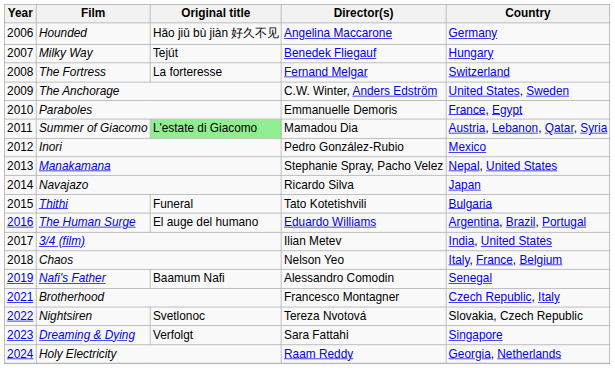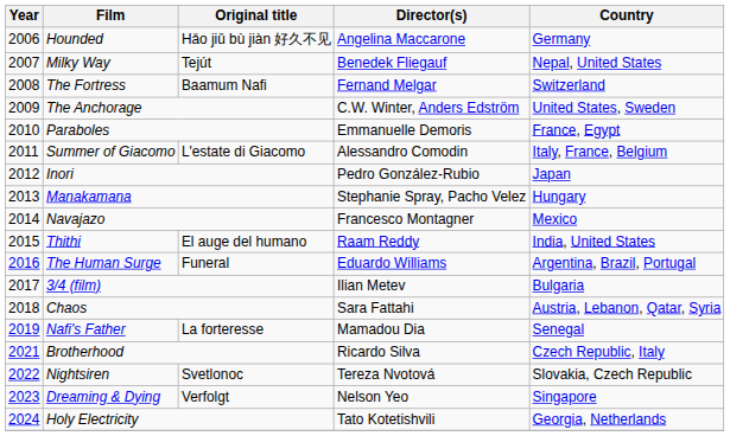 <table class="wikitable sortable">
 <tr>
 <th>Year</th>
 <th>Film</th>
 <th>Original title</th>
 <th>Director(s)</th>
 <th>Country</th>
 </tr>
 <tr>
 <td>2006</td>
 <td><em>Hounded</em></td>
 <td>Hǎo jiǔ bù jiàn 好久不见</td>
 <td><a href='#'>Angelina Maccarone</a></td>
 <td><a href='#'>Germany</a></td>
 </tr>
 <tr>
 <td>2007</td>
 <td><em>Milky Way</em></td>
 <td>Tejút</td>
 <td><a href='#'>Benedek Fliegauf</a></td>
-<td><a href='#'>Hungary</a></td>
+<td><a href='#'>Nepal</a>, <a href='#'>United States</a></td>
 </tr>
 <tr>
 <td>2008</td>
 <td><em>The Fortress</em></td>
-<td>La forteresse</td>
+<td>Baamum Nafi</td>
 <td><a href='#'>Fernand Melgar</a></td>
 <td><a href='#'>Switzerland</a></td>
 </tr>
 <tr>
 <td>2009</td>
 <td colspan="2"><em>The Anchorage</em></td>
 <td>C.W. Winter, <a href='#'>Anders Edström</a></td>
 <td><a href='#'>United States</a>, <a href='#'>Sweden</a></td>
 </tr>
 <tr>
 <td>2010</td>
 <td colspan="2"><em>Paraboles</em></td>
 <td>Emmanuelle Demoris</td>
 <td><a href='#'>France</a>, <a href='#'>Egypt</a></td>
 </tr>
 <tr>
 <td>2011</td>
 <td><em>Summer of Giacomo</em></td>
-<td style="background: lightgreen;">L'estate di Giacomo</td>
-<td>Mamadou Dia</td>
-<td><a href='#'>Austria</a>, <a href='#'>Lebanon</a>, <a href='#'>Qatar</a>, <a href='#'>Syria</a></td>
+<td>L'estate di Giacomo</td>
+<td>Alessandro Comodin</td>
+<td><a href='#'>Italy</a>, <a href='#'>France</a>, <a href='#'>Belgium</a></td>
 </tr>
 <tr>
 <td>2012</td>
 <td colspan="2"><em>Inori</em></td>
 <td>Pedro González-Rubio</td>
-<td><a href='#'>Mexico</a></td>
+<td><a href='#'>Japan</a></td>
 </tr>
 <tr>
 <td>2013</td>
 <td colspan="2"><em><a href='#'>Manakamana</a></em></td>
 <td>Stephanie Spray, Pacho Velez</td>
-<td><a href='#'>Nepal</a>, <a href='#'>United States</a></td>
+<td><a href='#'>Hungary</a></td>
 </tr>
 <tr>
 <td>2014</td>
 <td colspan="2"><em>Navajazo</em></td>
-<td>Ricardo Silva</td>
-<td><a href='#'>Japan</a></td>
+<td>Francesco Montagner</td>
+<td><a href='#'>Mexico</a></td>
 </tr>
 <tr>
 <td>2015</td>
 <td><em><a href='#'>Thithi</a></em></td>
-<td>Funeral</td>
-<td>Tato Kotetishvili</td>
-<td><a href='#'>Bulgaria</a></td>
+<td>El auge del humano</td>
+<td><a href='#'>Raam Reddy</a></td>
+<td><a href='#'>India</a>, <a href='#'>United States</a></td>
 </tr>
 <tr>
 <td><a href='#'>2016</a></td>
 <td><em><a href='#'>The Human Surge</a></em></td>
-<td>El auge del humano</td>
+<td>Funeral</td>
 <td><a href='#'>Eduardo Williams</a></td>
 <td><a href='#'>Argentina</a>, <a href='#'>Brazil</a>, <a href='#'>Portugal</a></td>
 </tr>
 <tr>
 <td>2017</td>
 <td colspan="2”"><em><a href='#'>3/4 (film)</a></em></td>
 <td>Ilian Metev</td>
-<td><a href='#'>India</a>, <a href='#'>United States</a></td>
+<td><a href='#'>Bulgaria</a></td>
 </tr>
 <tr>
 <td>2018</td>
 <td colspan="2”"><em>Chaos</em></td>
-<td>Nelson Yeo</td>
-<td><a href='#'>Italy</a>, <a href='#'>France</a>, <a href='#'>Belgium</a></td>
+<td>Sara Fattahi</td>
+<td><a href='#'>Austria</a>, <a href='#'>Lebanon</a>, <a href='#'>Qatar</a>, <a href='#'>Syria</a></td>
 </tr>
 <tr>
 <td><a href='#'>2019</a></td>
 <td><em><a href='#'>Nafi's Father</a></em></td>
-<td>Baamum Nafi</td>
-<td>Alessandro Comodin</td>
+<td>La forteresse</td>
+<td>Mamadou Dia</td>
 <td><a href='#'>Senegal</a></td>
 </tr>
 <tr>
 <td><a href='#'>2021</a></td>
 <td colspan="2”"><em>Brotherhood</em></td>
-<td>Francesco Montagner</td>
+<td>Ricardo Silva</td>
 <td><a href='#'>Czech Republic</a>, <a href='#'>Italy</a></td>
 </tr>
 <tr>
 <td><a href='#'>2022</a></td>
 <td><em>Nightsiren</em></td>
 <td>Svetlonoc</td>
 <td>Tereza Nvotová</td>
 <td>Slovakia, Czech Republic</td>
 </tr>
 <tr>
 <td><a href='#'>2023</a></td>
 <td><em><a href='#'>Dreaming & Dying</a></em></td>
 <td>Verfolgt</td>
-<td>Sara Fattahi</td>
+<td>Nelson Yeo</td>
 <td><a href='#'>Singapore</a></td>
 </tr>
 <tr>
 <td><a href='#'>2024</a></td>
 <td colspan="2”"><em>Holy Electricity</em></td>
-<td><a href='#'>Raam Reddy</a></td>
+<td>Tato Kotetishvili</td>
 <td><a href='#'>Georgia</a>, <a href='#'>Netherlands</a></td>
 </tr>
 <tr>
 </tr>
 </table>
